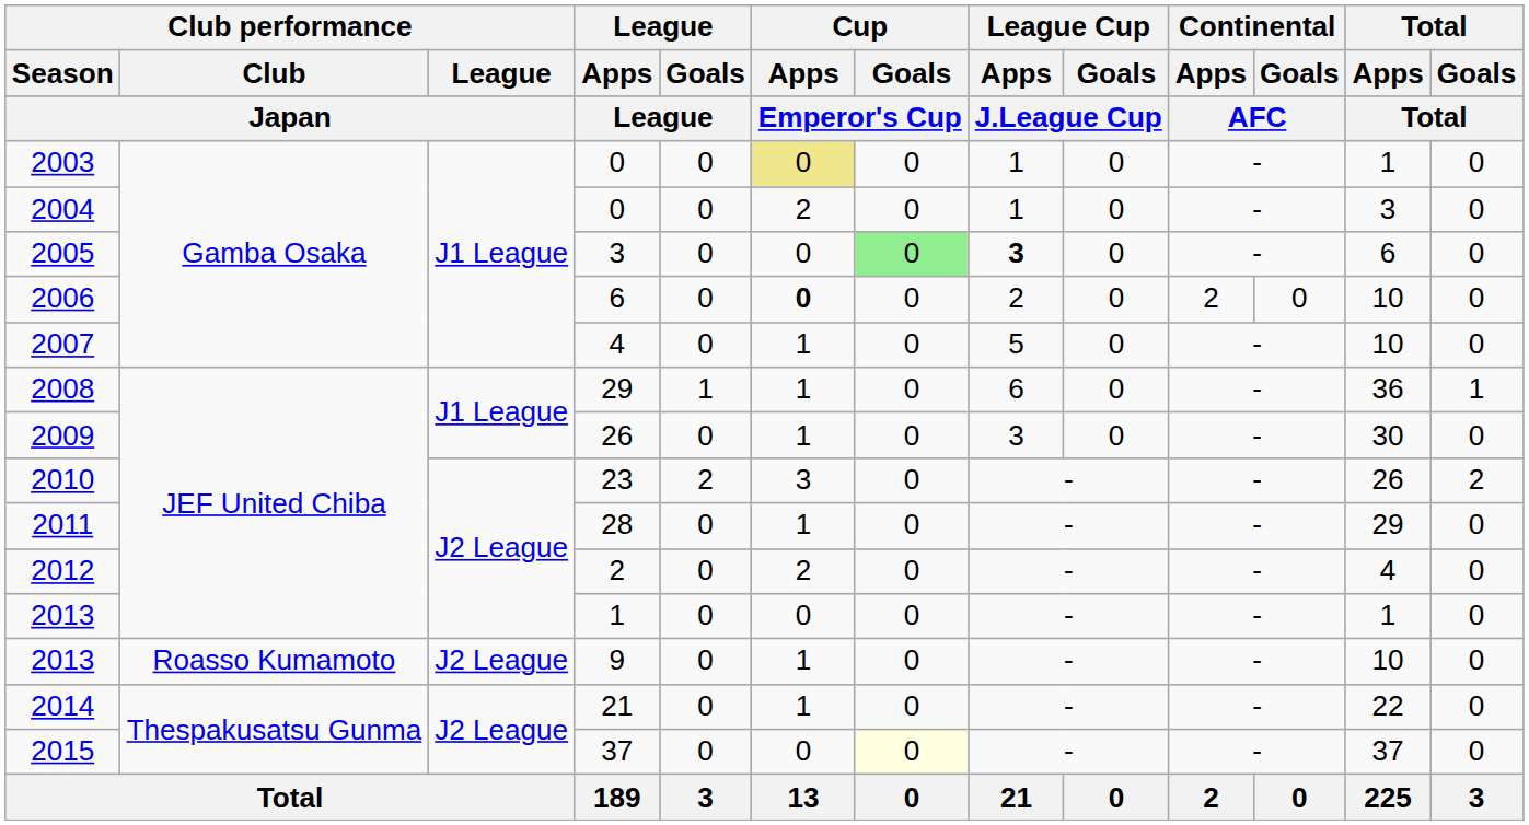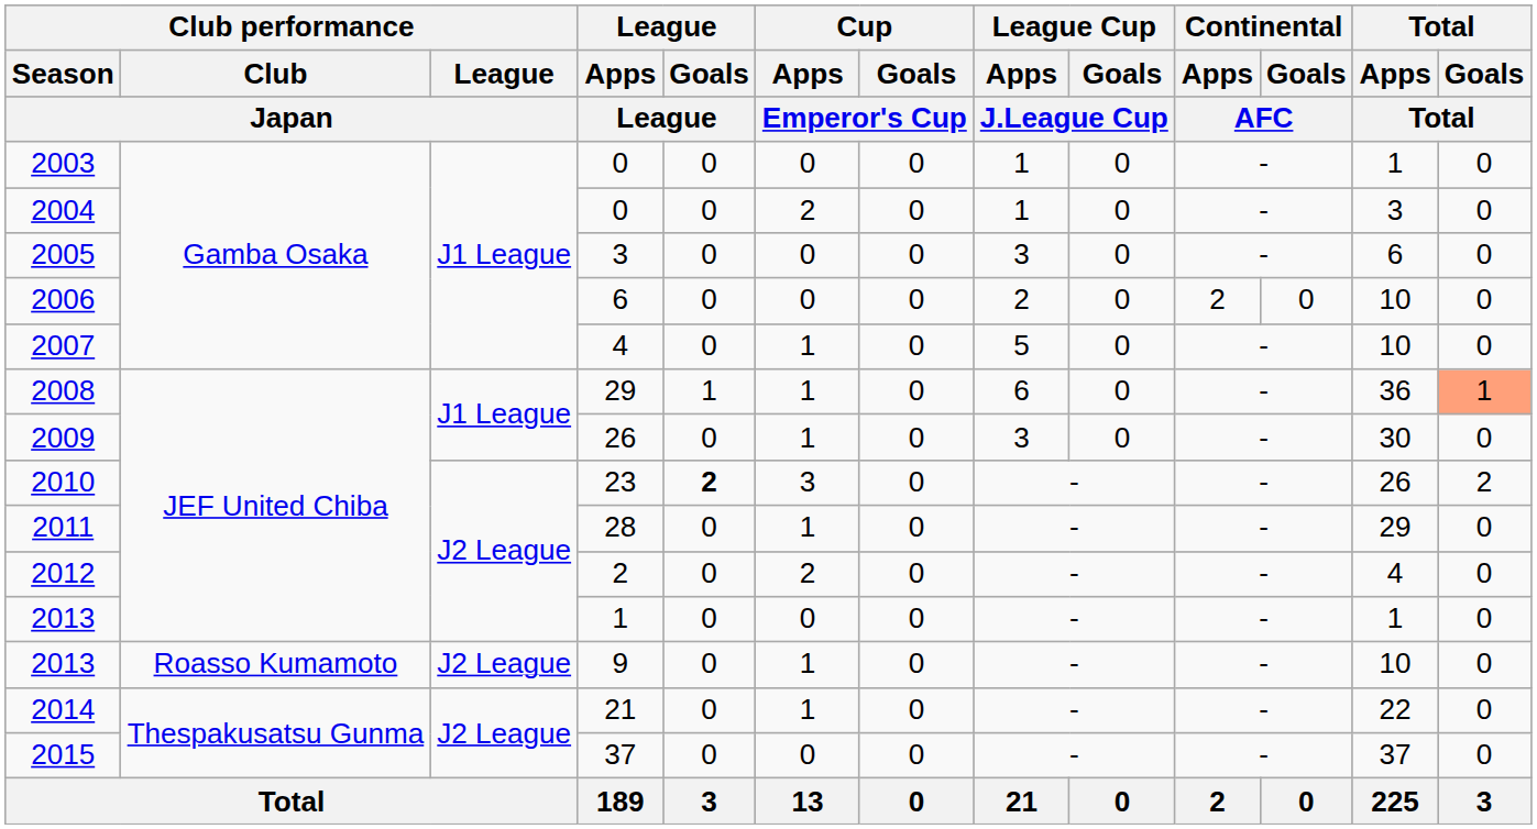 <table class="wikitable" style="text-align:center;">
 <tr>
 <th colspan=3>Club performance</th>
 <th colspan=2>League</th>
 <th colspan=2>Cup</th>
 <th colspan=2>League Cup</th>
 <th colspan=2>Continental</th>
 <th colspan=2>Total</th>
 </tr>
 <tr>
 <th>Season</th>
 <th>Club</th>
 <th>League</th>
 <th>Apps</th>
 <th>Goals</th>
 <th>Apps</th>
 <th>Goals</th>
 <th>Apps</th>
 <th>Goals</th>
 <th>Apps</th>
 <th>Goals</th>
 <th>Apps</th>
 <th>Goals</th>
 </tr>
 <tr>
 <th colspan=3>Japan</th>
 <th colspan=2>League</th>
 <th colspan=2><a href='#'>Emperor's Cup</a></th>
 <th colspan=2><a href='#'>J.League Cup</a></th>
 <th colspan=2><a href='#'>AFC</a></th>
 <th colspan=2>Total</th>
 </tr>
 <tr>
 <td><a href='#'>2003</a></td>
 <td rowspan="5"><a href='#'>Gamba Osaka</a></td>
 <td rowspan="5"><a href='#'>J1 League</a></td>
 <td>0</td>
 <td>0</td>
-<td style="background: khaki;">0</td>
+<td>0</td>
 <td>0</td>
 <td>1</td>
 <td>0</td>
 <td colspan="2">-</td>
 <td>1</td>
 <td>0</td>
 </tr>
 <tr>
 <td><a href='#'>2004</a></td>
 <td>0</td>
 <td>0</td>
 <td>2</td>
 <td>0</td>
 <td>1</td>
 <td>0</td>
 <td colspan="2">-</td>
 <td>3</td>
 <td>0</td>
 </tr>
 <tr>
 <td><a href='#'>2005</a></td>
 <td>3</td>
 <td>0</td>
 <td>0</td>
-<td style="background: lightgreen;">0</td>
-<td><strong>3</strong></td>
+<td>0</td>
+<td>3</td>
 <td>0</td>
 <td colspan="2">-</td>
 <td>6</td>
 <td>0</td>
 </tr>
 <tr>
 <td><a href='#'>2006</a></td>
 <td>6</td>
 <td>0</td>
-<td><strong>0</strong></td>
+<td>0</td>
 <td>0</td>
 <td>2</td>
 <td>0</td>
 <td>2</td>
 <td>0</td>
 <td>10</td>
 <td>0</td>
 </tr>
 <tr>
 <td><a href='#'>2007</a></td>
 <td>4</td>
 <td>0</td>
 <td>1</td>
 <td>0</td>
 <td>5</td>
 <td>0</td>
 <td colspan="2">-</td>
 <td>10</td>
 <td>0</td>
 </tr>
 <tr>
 <td><a href='#'>2008</a></td>
 <td rowspan="6"><a href='#'>JEF United Chiba</a></td>
 <td rowspan="2"><a href='#'>J1 League</a></td>
 <td>29</td>
 <td>1</td>
 <td>1</td>
 <td>0</td>
 <td>6</td>
 <td>0</td>
 <td colspan="2">-</td>
 <td>36</td>
-<td>1</td>
+<td style="background: lightsalmon;">1</td>
 </tr>
 <tr>
 <td><a href='#'>2009</a></td>
 <td>26</td>
 <td>0</td>
 <td>1</td>
 <td>0</td>
 <td>3</td>
 <td>0</td>
 <td colspan="2">-</td>
 <td>30</td>
 <td>0</td>
 </tr>
 <tr>
 <td><a href='#'>2010</a></td>
 <td rowspan="4"><a href='#'>J2 League</a></td>
 <td>23</td>
-<td>2</td>
+<td><strong>2</strong></td>
 <td>3</td>
 <td>0</td>
 <td colspan="2">-</td>
 <td colspan="2">-</td>
 <td>26</td>
 <td>2</td>
 </tr>
 <tr>
 <td><a href='#'>2011</a></td>
 <td>28</td>
 <td>0</td>
 <td>1</td>
 <td>0</td>
 <td colspan="2">-</td>
 <td colspan="2">-</td>
 <td>29</td>
 <td>0</td>
 </tr>
 <tr>
 <td><a href='#'>2012</a></td>
 <td>2</td>
 <td>0</td>
 <td>2</td>
 <td>0</td>
 <td colspan="2">-</td>
 <td colspan="2">-</td>
 <td>4</td>
 <td>0</td>
 </tr>
 <tr>
 <td><a href='#'>2013</a></td>
 <td>1</td>
 <td>0</td>
 <td>0</td>
 <td>0</td>
 <td colspan="2">-</td>
 <td colspan="2">-</td>
 <td>1</td>
 <td>0</td>
 </tr>
 <tr>
 <td><a href='#'>2013</a></td>
 <td><a href='#'>Roasso Kumamoto</a></td>
 <td><a href='#'>J2 League</a></td>
 <td>9</td>
 <td>0</td>
 <td>1</td>
 <td>0</td>
 <td colspan="2">-</td>
 <td colspan="2">-</td>
 <td>10</td>
 <td>0</td>
 </tr>
 <tr>
 <td><a href='#'>2014</a></td>
 <td rowspan="2"><a href='#'>Thespakusatsu Gunma</a></td>
 <td rowspan="2"><a href='#'>J2 League</a></td>
 <td>21</td>
 <td>0</td>
 <td>1</td>
 <td>0</td>
 <td colspan="2">-</td>
 <td colspan="2">-</td>
 <td>22</td>
 <td>0</td>
 </tr>
 <tr>
 <td><a href='#'>2015</a></td>
 <td>37</td>
 <td>0</td>
 <td>0</td>
-<td style="background: lightyellow;">0</td>
+<td>0</td>
 <td colspan="2">-</td>
 <td colspan="2">-</td>
 <td>37</td>
 <td>0</td>
 </tr>
 <tr>
 <th colspan=3>Total</th>
 <th>189</th>
 <th>3</th>
 <th>13</th>
 <th>0</th>
 <th>21</th>
 <th>0</th>
 <th>2</th>
 <th>0</th>
 <th>225</th>
 <th>3</th>
 </tr>
 </table>
